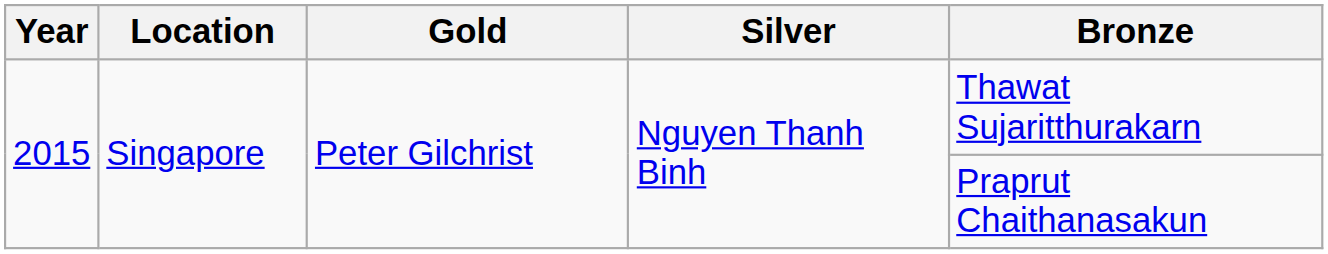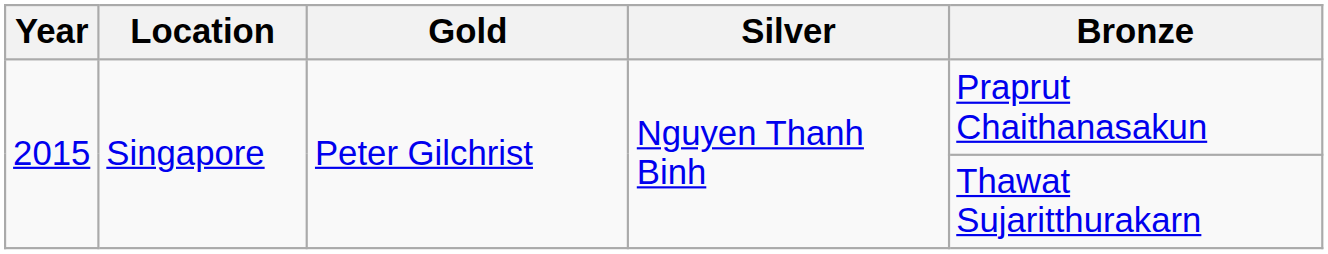 <table class="wikitable">
 <tr>
 <th>Year</th>
 <th width="100">Location</th>
 <th width="200">Gold</th>
 <th width="200">Silver</th>
 <th width="200">Bronze</th>
 </tr>
 <tr>
 <td rowspan=2><a href='#'>2015</a></td>
 <td rowspan=2> <a href='#'>Singapore</a></td>
 <td rowspan=2> <a href='#'>Peter Gilchrist</a></td>
 <td rowspan=2> <a href='#'>Nguyen Thanh Binh</a></td>
+<td> <a href='#'>Praprut Chaithanasakun</a></td>
+</tr>
+<tr>
 <td> <a href='#'>Thawat Sujaritthurakarn</a></td>
 </tr>
-<tr>
-<td> <a href='#'>Praprut Chaithanasakun</a></td>
-</tr>
 </table>
